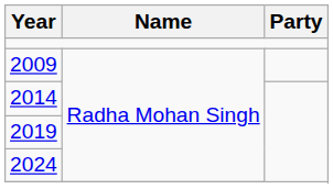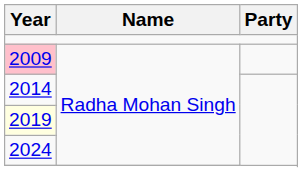 <table class="wikitable">
 <tr>
 <th>Year</th>
 <th>Name</th>
 <th colspan="2">Party</th>
 </tr>
 <tr>
 <td colspan="4"></td>
 </tr>
 <tr>
-<td><a href='#'>2009</a></td>
+<td style="background: pink;"><a href='#'>2009</a></td>
 <td rowspan="4"><a href='#'>Radha Mohan Singh</a></td>
 <td></td>
 </tr>
 <tr>
 <td><a href='#'>2014</a></td>
 </tr>
 <tr>
-<td><a href='#'>2019</a></td>
+<td style="background: lightyellow;"><a href='#'>2019</a></td>
 </tr>
 <tr>
 <td><a href='#'>2024</a></td>
 </tr>
 <tr>
 </tr>
 </table>
